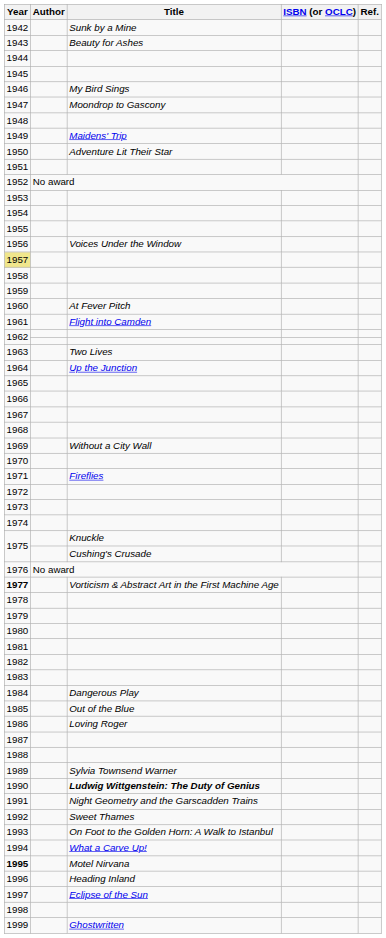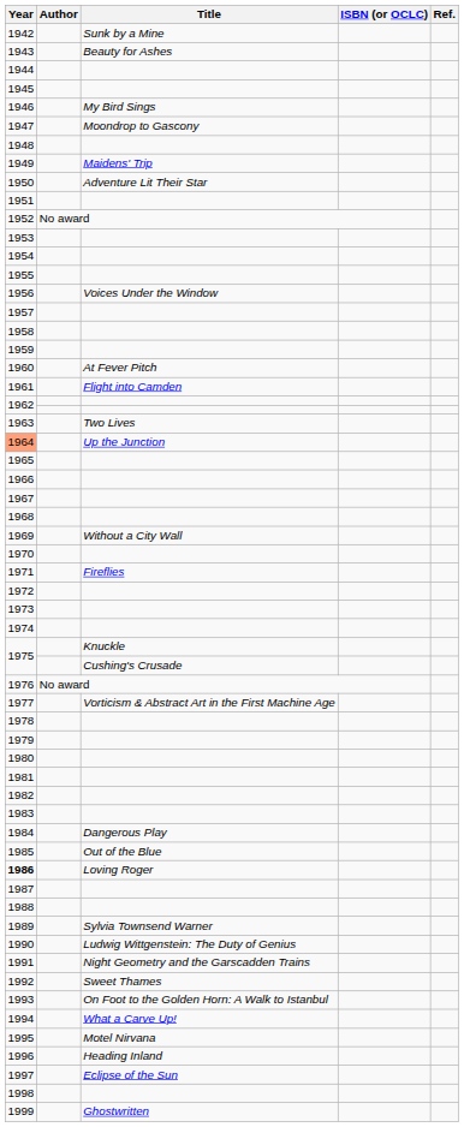 <table class="wikitable sortable mw-collapsible">
 <tr>
 <th>Year</th>
 <th>Author</th>
 <th>Title</th>
 <th><a href='#'>ISBN</a> (or <a href='#'>OCLC</a>)</th>
 <th>Ref.</th>
 </tr>
 <tr>
 <td>1942</td>
 <td></td>
 <td><em>Sunk by a Mine</em></td>
 <td></td>
 <td></td>
 </tr>
 <tr>
 <td>1943</td>
 <td></td>
 <td><em>Beauty for Ashes</em></td>
 <td></td>
 <td></td>
 </tr>
 <tr>
 <td>1944</td>
 <td></td>
 <td></td>
 <td></td>
 <td></td>
 </tr>
 <tr>
 <td>1945</td>
 <td></td>
 <td><em></em></td>
 <td></td>
 <td></td>
 </tr>
 <tr>
 <td>1946</td>
 <td></td>
 <td><em>My Bird Sings</em></td>
 <td></td>
 <td></td>
 </tr>
 <tr>
 <td>1947</td>
 <td></td>
 <td><em>Moondrop to Gascony</em></td>
 <td></td>
 <td></td>
 </tr>
 <tr>
 <td>1948</td>
 <td></td>
 <td><em></em></td>
 <td></td>
 <td></td>
 </tr>
 <tr>
 <td>1949</td>
 <td></td>
 <td><em><a href='#'>Maidens' Trip</a></em></td>
 <td></td>
 <td></td>
 </tr>
 <tr>
 <td>1950</td>
 <td></td>
 <td><em>Adventure Lit Their Star</em></td>
 <td></td>
 <td></td>
 </tr>
 <tr>
 <td>1951</td>
 <td></td>
 <td></td>
 <td></td>
 <td></td>
 </tr>
 <tr>
 <td>1952</td>
 <td colspan="3">No award</td>
 <td></td>
 </tr>
 <tr>
 <td>1953</td>
 <td></td>
 <td></td>
 <td></td>
 <td></td>
 </tr>
 <tr>
 <td>1954</td>
 <td></td>
 <td></td>
 <td></td>
 <td></td>
 </tr>
 <tr>
 <td>1955</td>
 <td></td>
 <td></td>
 <td></td>
 <td></td>
 </tr>
 <tr>
 <td>1956</td>
 <td></td>
 <td><em>Voices Under the Window</em></td>
 <td></td>
 <td></td>
 </tr>
 <tr>
-<td style="background: khaki;">1957</td>
+<td>1957</td>
 <td></td>
 <td></td>
 <td></td>
 <td></td>
 </tr>
 <tr>
 <td>1958</td>
 <td></td>
 <td></td>
 <td></td>
 <td></td>
 </tr>
 <tr>
 <td>1959</td>
 <td></td>
 <td></td>
 <td></td>
 <td></td>
 </tr>
 <tr>
 <td>1960</td>
 <td></td>
 <td><em>At Fever Pitch</em></td>
 <td></td>
 <td></td>
 </tr>
 <tr>
 <td>1961</td>
 <td></td>
 <td><em><a href='#'>Flight into Camden</a></em></td>
 <td></td>
 <td></td>
 </tr>
 <tr>
 <td rowspan="2">1962</td>
 <td></td>
 <td></td>
 <td></td>
 <td></td>
 </tr>
 <tr>
 <td></td>
 <td></td>
 <td></td>
 <td></td>
 </tr>
 <tr>
 <td>1963</td>
 <td></td>
 <td><em>Two Lives</em></td>
 <td></td>
 <td></td>
 </tr>
 <tr>
-<td>1964</td>
+<td style="background: lightsalmon;">1964</td>
 <td></td>
 <td><em><a href='#'>Up the Junction</a></em></td>
 <td></td>
 <td></td>
 </tr>
 <tr>
 <td>1965</td>
 <td></td>
 <td></td>
 <td></td>
 <td></td>
 </tr>
 <tr>
 <td>1966</td>
 <td></td>
 <td></td>
 <td></td>
 <td></td>
 </tr>
 <tr>
 <td>1967</td>
 <td></td>
 <td></td>
 <td></td>
 <td></td>
 </tr>
 <tr>
 <td>1968</td>
 <td></td>
 <td></td>
 <td></td>
 <td></td>
 </tr>
 <tr>
 <td>1969</td>
 <td></td>
 <td><em>Without a City Wall</em></td>
 <td></td>
 <td></td>
 </tr>
 <tr>
 <td>1970</td>
 <td></td>
 <td></td>
 <td></td>
 <td></td>
 </tr>
 <tr>
 <td>1971</td>
 <td></td>
 <td><em><a href='#'>Fireflies</a></em></td>
 <td></td>
 <td></td>
 </tr>
 <tr>
 <td>1972</td>
 <td></td>
 <td></td>
 <td></td>
 <td></td>
 </tr>
 <tr>
 <td>1973</td>
 <td></td>
 <td></td>
 <td></td>
 <td></td>
 </tr>
 <tr>
 <td>1974</td>
 <td></td>
 <td></td>
 <td></td>
 <td></td>
 </tr>
 <tr>
 <td rowspan="2">1975</td>
 <td></td>
 <td><em>Knuckle</em></td>
 <td></td>
 <td></td>
 </tr>
 <tr>
 <td></td>
 <td><em>Cushing's Crusade</em></td>
 <td></td>
 <td></td>
 </tr>
 <tr>
 <td>1976</td>
 <td colspan="3">No award</td>
 <td></td>
 </tr>
 <tr>
-<td><strong>1977</strong></td>
+<td>1977</td>
 <td></td>
 <td><em>Vorticism & Abstract Art in the First Machine Age</em></td>
 <td></td>
 <td></td>
 </tr>
 <tr>
 <td>1978</td>
 <td></td>
 <td></td>
 <td></td>
 <td></td>
 </tr>
 <tr>
 <td>1979</td>
 <td></td>
 <td></td>
 <td></td>
 <td></td>
 </tr>
 <tr>
 <td>1980</td>
 <td></td>
 <td></td>
 <td></td>
 <td></td>
 </tr>
 <tr>
 <td>1981</td>
 <td></td>
 <td></td>
 <td></td>
 <td></td>
 </tr>
 <tr>
 <td>1982</td>
 <td></td>
 <td></td>
 <td></td>
 <td></td>
 </tr>
 <tr>
 <td>1983</td>
 <td></td>
 <td></td>
 <td></td>
 <td></td>
 </tr>
 <tr>
 <td>1984</td>
 <td></td>
 <td><em>Dangerous Play</em></td>
 <td></td>
 <td></td>
 </tr>
 <tr>
 <td>1985</td>
 <td></td>
 <td><em>Out of the Blue</em></td>
 <td></td>
 <td></td>
 </tr>
 <tr>
-<td>1986</td>
+<td><strong>1986</strong></td>
 <td></td>
 <td><em>Loving Roger</em></td>
 <td></td>
 <td></td>
 </tr>
 <tr>
 <td>1987</td>
 <td></td>
 <td></td>
 <td></td>
 <td></td>
 </tr>
 <tr>
 <td>1988</td>
 <td></td>
 <td></td>
 <td></td>
 <td></td>
 </tr>
 <tr>
 <td>1989</td>
 <td></td>
 <td><em>Sylvia Townsend Warner</em></td>
 <td></td>
 <td></td>
 </tr>
 <tr>
 <td>1990</td>
 <td></td>
-<td><strong><em>Ludwig Wittgenstein: The Duty of Genius</em></strong></td>
+<td><em>Ludwig Wittgenstein: The Duty of Genius</em></td>
 <td></td>
 <td></td>
 </tr>
 <tr>
 <td>1991</td>
 <td></td>
 <td><em>Night Geometry and the Garscadden Trains</em></td>
 <td></td>
 <td></td>
 </tr>
 <tr>
 <td>1992</td>
 <td></td>
 <td><em>Sweet Thames</em></td>
 <td></td>
 <td></td>
 </tr>
 <tr>
 <td>1993</td>
 <td></td>
 <td><em>On Foot to the Golden Horn: A Walk to Istanbul</em></td>
 <td></td>
 <td></td>
 </tr>
 <tr>
 <td>1994</td>
 <td></td>
 <td><em><a href='#'>What a Carve Up!</a></em></td>
 <td></td>
 <td></td>
 </tr>
 <tr>
-<td><strong>1995</strong></td>
+<td>1995</td>
 <td></td>
 <td><em>Motel Nirvana</em></td>
 <td></td>
 <td></td>
 </tr>
 <tr>
 <td>1996</td>
 <td></td>
 <td><em>Heading Inland</em></td>
 <td></td>
 <td></td>
 </tr>
 <tr>
 <td>1997</td>
 <td></td>
 <td><em><a href='#'>Eclipse of the Sun</a></em></td>
 <td></td>
 <td></td>
 </tr>
 <tr>
 <td>1998</td>
 <td></td>
 <td></td>
 <td></td>
 <td></td>
 </tr>
 <tr>
 <td>1999</td>
 <td></td>
 <td><em><a href='#'>Ghostwritten</a></em></td>
 <td></td>
 <td></td>
 </tr>
 </table>
